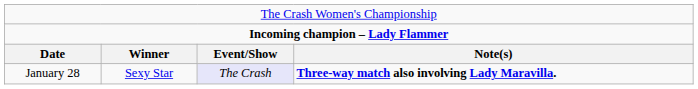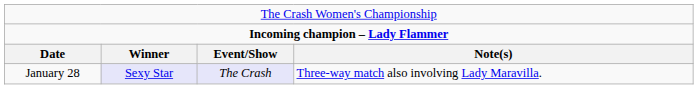 <table class="wikitable" style="text-align:center; width:100%;">
 <tr>
 <td colspan="4" style="text-align: center;"><a href='#'>The Crash Women's Championship</a></td>
 </tr>
 <tr>
 <td colspan="4" style="text-align: center;"><strong>Incoming champion – <a href='#'>Lady Flammer</a></strong></td>
 </tr>
 <tr>
 <th width=14%>Date</th>
 <th width=14%>Winner</th>
 <th width=14%>Event/Show</th>
 <th width=58%>Note(s)</th>
 </tr>
 <tr>
 <td>January 28</td>
-<td><a href='#'>Sexy Star</a></td>
+<td style="background: lavender;"><a href='#'>Sexy Star</a></td>
 <td style="background: lavender;"><em>The Crash</em></td>
-<td align=left><strong><a href='#'>Three-way match</a> also involving <a href='#'>Lady Maravilla</a>.</strong></td>
+<td align=left><a href='#'>Three-way match</a> also involving <a href='#'>Lady Maravilla</a>.</td>
 </tr>
 </table>
